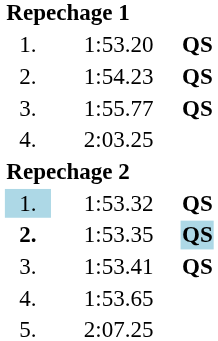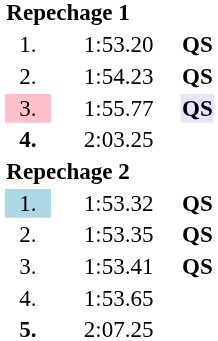 <table style="text-align:center">
 <tr>
 <td colspan=4 align=left><strong>Repechage 1</strong></td>
 </tr>
 <tr>
 <td width=30>1.</td>
 <td align=left></td>
 <td width=80>1:53.20</td>
 <td><strong>QS</strong></td>
 </tr>
 <tr>
 <td>2.</td>
 <td align=left></td>
 <td>1:54.23</td>
 <td><strong>QS</strong></td>
 </tr>
 <tr>
-<td>3.</td>
+<td style="background: pink;">3.</td>
 <td align=left></td>
 <td>1:55.77</td>
-<td><strong>QS</strong></td>
+<td style="background: lavender;"><strong>QS</strong></td>
 </tr>
 <tr>
-<td>4.</td>
+<td><strong>4.</strong></td>
 <td align=left></td>
 <td>2:03.25</td>
 <td></td>
 </tr>
 <tr>
 <td colspan=4 align=left><strong>Repechage 2</strong></td>
 </tr>
 <tr>
 <td style="background: lightblue;">1.</td>
 <td align=left></td>
 <td>1:53.32</td>
 <td><strong>QS</strong></td>
 </tr>
 <tr>
-<td><strong>2.</strong></td>
+<td>2.</td>
 <td align=left></td>
 <td>1:53.35</td>
-<td style="background: lightblue;"><strong>QS</strong></td>
+<td><strong>QS</strong></td>
 </tr>
 <tr>
 <td>3.</td>
 <td align=left></td>
 <td>1:53.41</td>
 <td><strong>QS</strong></td>
 </tr>
 <tr>
 <td>4.</td>
 <td align=left></td>
 <td>1:53.65</td>
 <td></td>
 </tr>
 <tr>
-<td>5.</td>
+<td><strong>5.</strong></td>
 <td align=left></td>
 <td>2:07.25</td>
 <td></td>
 </tr>
 </table>
